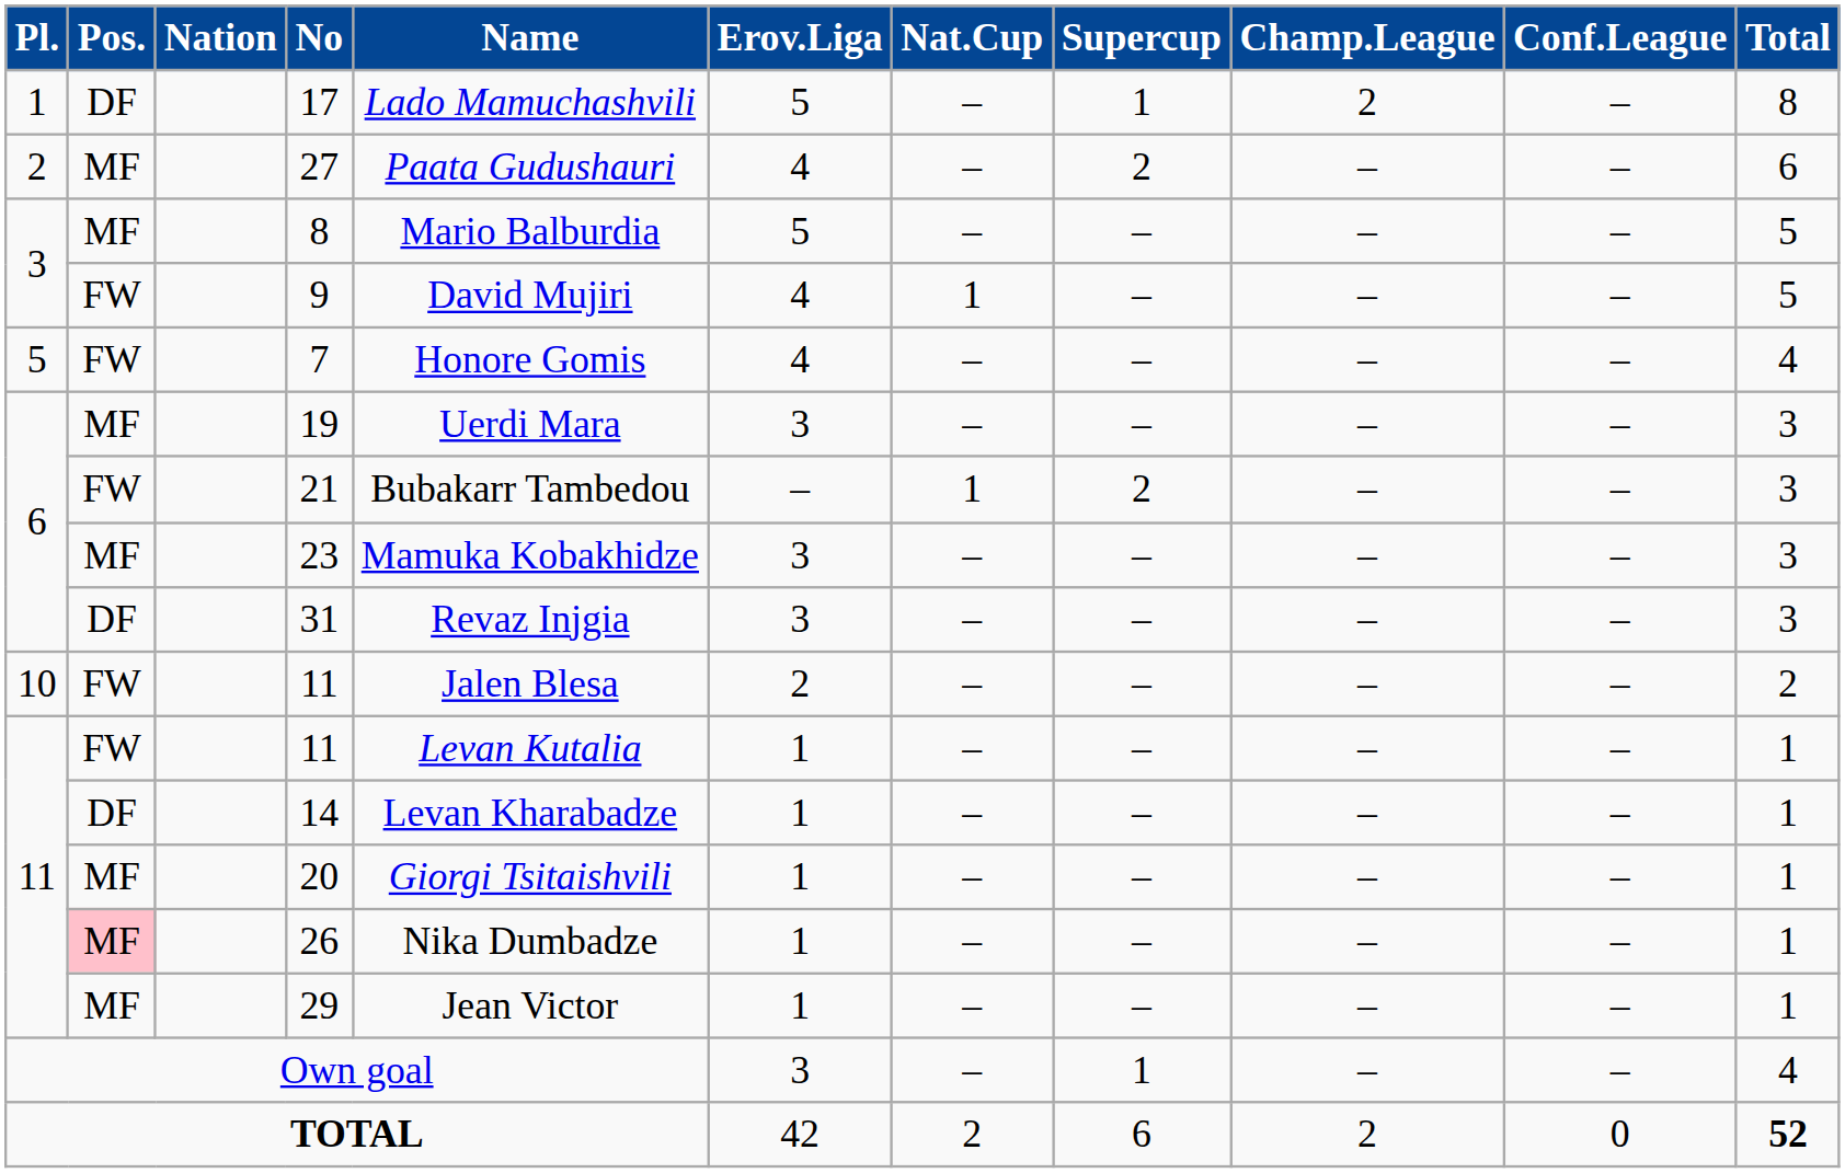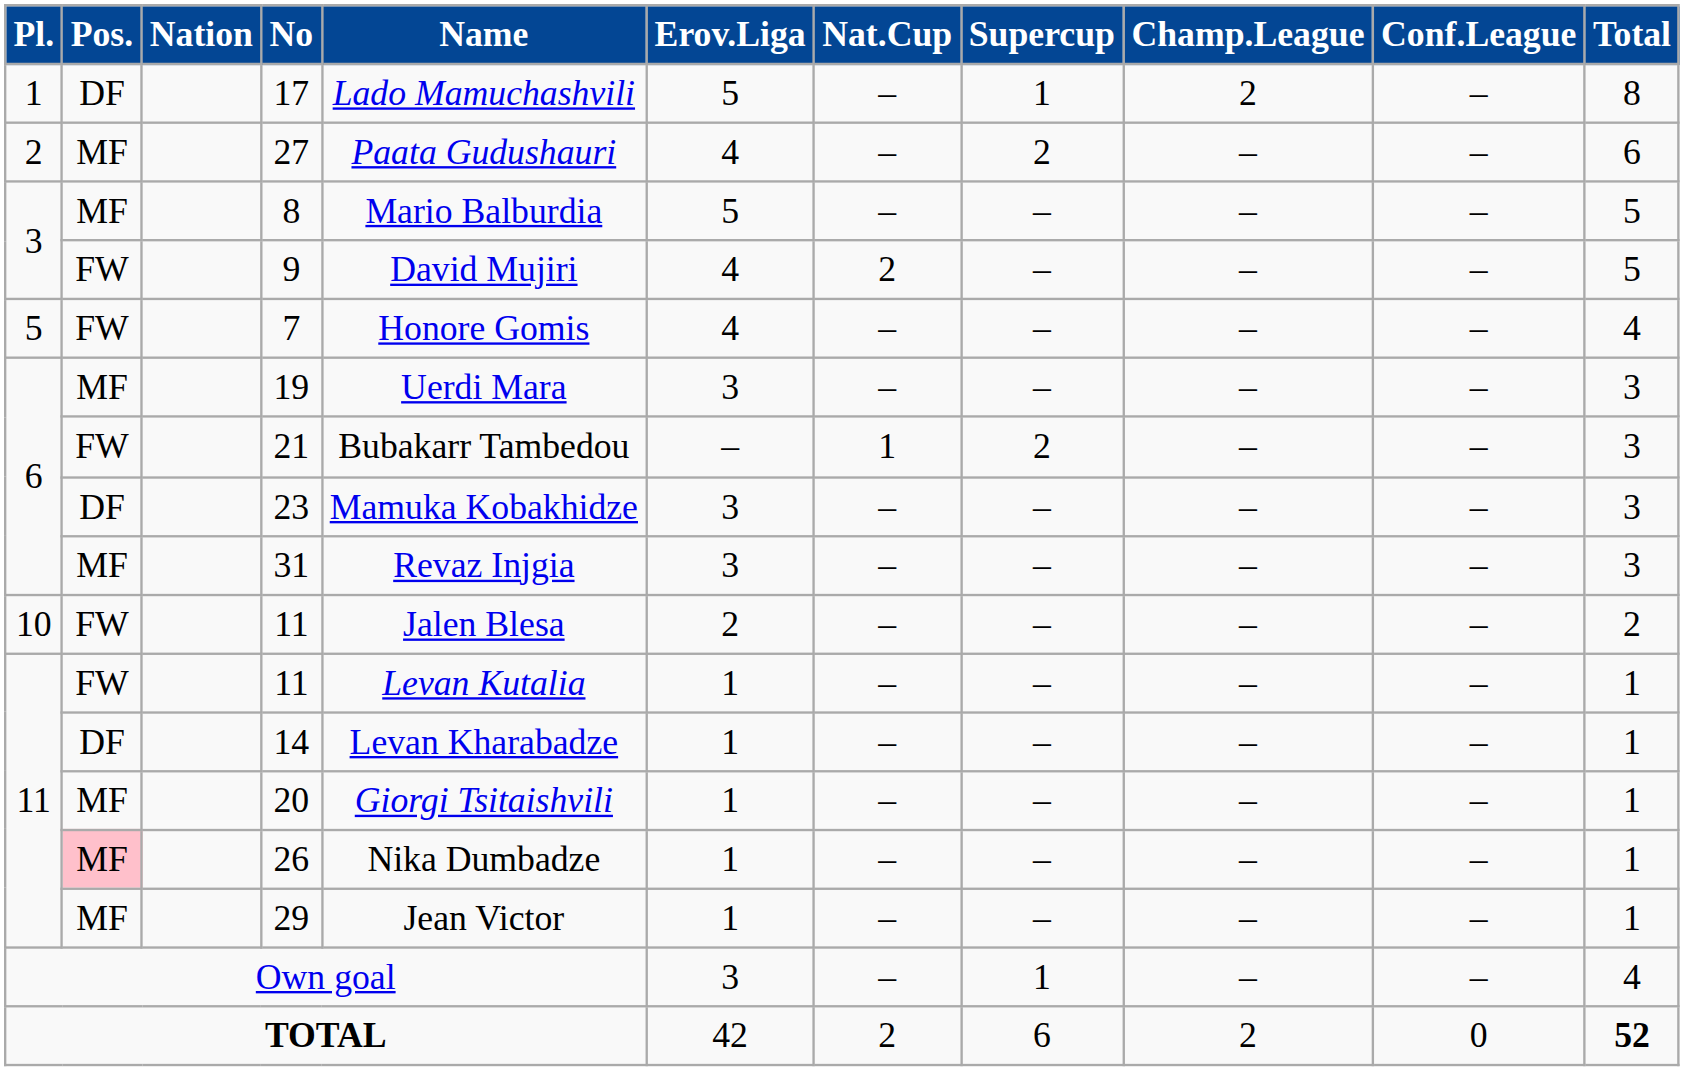 <table class="wikitable" style="font-size: 95%; text-align: center;">
 <tr>
 <th style="background:#034694; color:white; width=60">Pl.</th>
 <th style="background:#034694; color:white; width=60">Pos.</th>
 <th style="background:#034694; color:white; width=60">Nation</th>
 <th style="background:#034694; color:white; width=60">No</th>
 <th style="background:#034694; color:white; width=90">Name</th>
 <th style="background:#034694; color:white; width=150">Erov.Liga</th>
 <th style="background:#034694; color:white; width=150">Nat.Cup</th>
 <th style="background:#034694; color:white; width=150">Supercup</th>
 <th style="background:#034694; color:white; width=150">Champ.League</th>
 <th style="background:#034694; color:white; width=150">Conf.League</th>
 <th style="background:#034694; color:white; width=80">Total</th>
 </tr>
 <tr>
 <td>1</td>
 <td>DF</td>
 <td></td>
 <td>17</td>
 <td><em><a href='#'>Lado Mamuchashvili</a></em></td>
 <td>5</td>
 <td>–</td>
 <td>1</td>
 <td>2</td>
 <td>–</td>
 <td>8</td>
 </tr>
 <tr>
 <td>2</td>
 <td>MF</td>
 <td></td>
 <td>27</td>
 <td><em><a href='#'>Paata Gudushauri</a></em></td>
 <td>4</td>
 <td>–</td>
 <td>2</td>
 <td>–</td>
 <td>–</td>
 <td>6</td>
 </tr>
 <tr>
 <td rowspan="2">3</td>
 <td>MF</td>
 <td></td>
 <td>8</td>
 <td><a href='#'>Mario Balburdia</a></td>
 <td>5</td>
 <td>–</td>
 <td>–</td>
 <td>–</td>
 <td>–</td>
 <td>5</td>
 </tr>
 <tr>
 <td>FW</td>
 <td></td>
 <td>9</td>
 <td><a href='#'>David Mujiri</a></td>
 <td>4</td>
-<td>1</td>
+<td>2</td>
 <td>–</td>
 <td>–</td>
 <td>–</td>
 <td>5</td>
 </tr>
 <tr>
 <td>5</td>
 <td>FW</td>
 <td></td>
 <td>7</td>
 <td><a href='#'>Honore Gomis</a></td>
 <td>4</td>
 <td>–</td>
 <td>–</td>
 <td>–</td>
 <td>–</td>
 <td>4</td>
 </tr>
 <tr>
 <td rowspan="4">6</td>
 <td>MF</td>
 <td></td>
 <td>19</td>
 <td><a href='#'>Uerdi Mara</a></td>
 <td>3</td>
 <td>–</td>
 <td>–</td>
 <td>–</td>
 <td>–</td>
 <td>3</td>
 </tr>
 <tr>
 <td>FW</td>
 <td></td>
 <td>21</td>
 <td>Bubakarr Tambedou</td>
 <td>–</td>
 <td>1</td>
 <td>2</td>
 <td>–</td>
 <td>–</td>
 <td>3</td>
 </tr>
 <tr>
-<td>MF</td>
+<td>DF</td>
 <td></td>
 <td>23</td>
 <td><a href='#'>Mamuka Kobakhidze</a></td>
 <td>3</td>
 <td>–</td>
 <td>–</td>
 <td>–</td>
 <td>–</td>
 <td>3</td>
 </tr>
 <tr>
-<td>DF</td>
+<td>MF</td>
 <td></td>
 <td>31</td>
 <td><a href='#'>Revaz Injgia</a></td>
 <td>3</td>
 <td>–</td>
 <td>–</td>
 <td>–</td>
 <td>–</td>
 <td>3</td>
 </tr>
 <tr>
 <td>10</td>
 <td>FW</td>
 <td></td>
 <td>11</td>
 <td><a href='#'>Jalen Blesa</a></td>
 <td>2</td>
 <td>–</td>
 <td>–</td>
 <td>–</td>
 <td>–</td>
 <td>2</td>
 </tr>
 <tr>
 <td rowspan="5">11</td>
 <td>FW</td>
 <td></td>
 <td>11</td>
 <td><em><a href='#'>Levan Kutalia</a></em></td>
 <td>1</td>
 <td>–</td>
 <td>–</td>
 <td>–</td>
 <td>–</td>
 <td>1</td>
 </tr>
 <tr>
 <td>DF</td>
 <td></td>
 <td>14</td>
 <td><a href='#'>Levan Kharabadze</a></td>
 <td>1</td>
 <td>–</td>
 <td>–</td>
 <td>–</td>
 <td>–</td>
 <td>1</td>
 </tr>
 <tr>
 <td>MF</td>
 <td></td>
 <td>20</td>
 <td><em><a href='#'>Giorgi Tsitaishvili</a></em></td>
 <td>1</td>
 <td>–</td>
 <td>–</td>
 <td>–</td>
 <td>–</td>
 <td>1</td>
 </tr>
 <tr>
 <td style="background: pink;">MF</td>
 <td></td>
 <td>26</td>
 <td>Nika Dumbadze</td>
 <td>1</td>
 <td>–</td>
 <td>–</td>
 <td>–</td>
 <td>–</td>
 <td>1</td>
 </tr>
 <tr>
 <td>MF</td>
 <td></td>
 <td>29</td>
 <td>Jean Victor</td>
 <td>1</td>
 <td>–</td>
 <td>–</td>
 <td>–</td>
 <td>–</td>
 <td>1</td>
 </tr>
 <tr>
 <td colspan="5"><a href='#'>Own goal</a></td>
 <td>3</td>
 <td>–</td>
 <td>1</td>
 <td>–</td>
 <td>–</td>
 <td>4</td>
 </tr>
 <tr>
 <td colspan="5"><strong>TOTAL</strong></td>
 <td>42</td>
 <td>2</td>
 <td>6</td>
 <td>2</td>
 <td>0</td>
 <td><strong>52</strong></td>
 </tr>
 </table>
